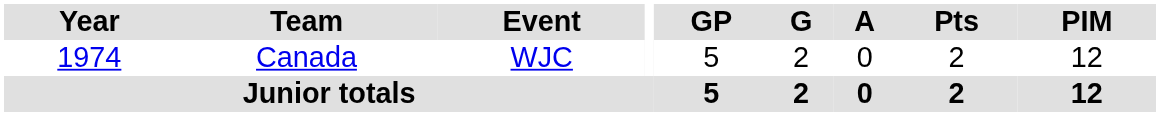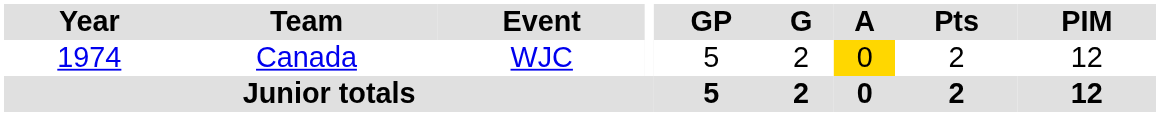 <table border="0" cellpadding="1" cellspacing="0" ID="Table3" style="text-align:center; width:40em">
 <tr bgcolor="#e0e0e0">
 <th>Year</th>
 <th>Team</th>
 <th>Event</th>
 <th rowspan="102" bgcolor="#ffffff"></th>
 <th>GP</th>
 <th>G</th>
 <th>A</th>
 <th>Pts</th>
 <th>PIM</th>
 </tr>
 <tr>
 <td><a href='#'>1974</a></td>
 <td><a href='#'>Canada</a></td>
 <td><a href='#'>WJC</a></td>
 <td>5</td>
 <td>2</td>
-<td>0</td>
+<td style="background: gold;">0</td>
 <td>2</td>
 <td>12</td>
 </tr>
 <tr bgcolor="#e0e0e0">
 <th colspan="4">Junior totals</th>
 <th>5</th>
 <th>2</th>
 <th>0</th>
 <th>2</th>
 <th>12</th>
 </tr>
 </table>
